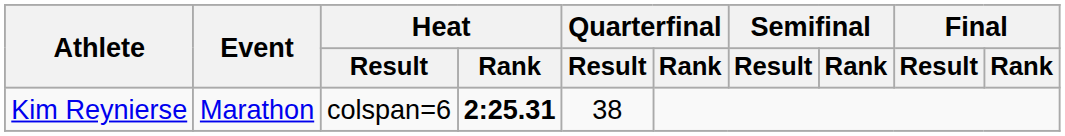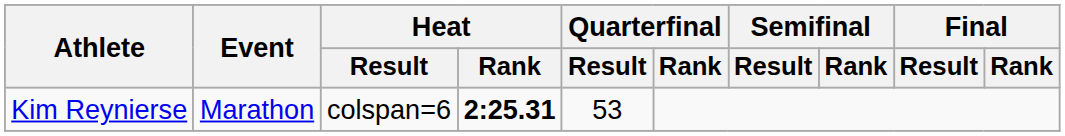 <table class="wikitable" style="font-size:90%">
 <tr>
 <th rowspan="2">Athlete</th>
 <th rowspan="2">Event</th>
 <th colspan="2">Heat</th>
 <th colspan="2">Quarterfinal</th>
 <th colspan="2">Semifinal</th>
 <th colspan="2">Final</th>
 </tr>
 <tr style="font-size:95%">
 <th>Result</th>
 <th>Rank</th>
 <th>Result</th>
 <th>Rank</th>
 <th>Result</th>
 <th>Rank</th>
 <th>Result</th>
 <th>Rank</th>
 </tr>
 <tr align=center>
 <td align=left><a href='#'>Kim Reynierse</a></td>
 <td align=left><a href='#'>Marathon</a></td>
 <td>colspan=6 </td>
 <td><strong>2:25.31</strong></td>
-<td>38</td>
+<td>53</td>
 </tr>
 </table>
